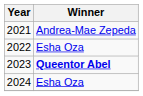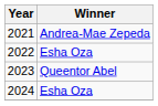 <table class="wikitable">
 <tr>
 <th>Year</th>
 <th>Winner</th>
 </tr>
 <tr>
 <td>2021</td>
 <td> <a href='#'>Andrea-Mae Zepeda</a></td>
 </tr>
 <tr>
 <td>2022</td>
 <td> <a href='#'>Esha Oza</a></td>
 </tr>
 <tr>
 <td>2023</td>
-<td><strong> <a href='#'>Queentor Abel</a></strong></td>
+<td> <a href='#'>Queentor Abel</a></td>
 </tr>
 <tr>
 <td>2024</td>
 <td> <a href='#'>Esha Oza</a></td>
 </tr>
 <tr>
 </tr>
 </table>
